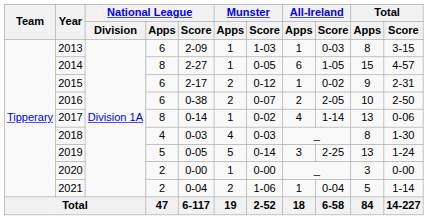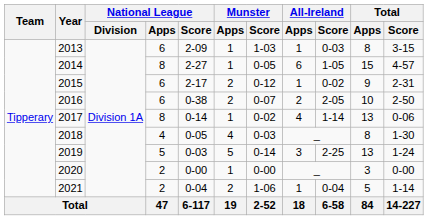 <table class="wikitable" style="text-align:center">
 <tr>
 <th rowspan="2">Team</th>
 <th rowspan="2">Year</th>
 <th colspan="3"><a href='#'>National League</a></th>
 <th colspan="2"><a href='#'>Munster</a></th>
 <th colspan="2"><a href='#'>All-Ireland</a></th>
 <th colspan="2">Total</th>
 </tr>
 <tr>
 <th>Division</th>
 <th>Apps</th>
 <th>Score</th>
 <th>Apps</th>
 <th>Score</th>
 <th>Apps</th>
 <th>Score</th>
 <th>Apps</th>
 <th>Score</th>
 </tr>
 <tr>
 <td rowspan="9"><a href='#'>Tipperary</a></td>
 <td>2013</td>
 <td rowspan="9"><a href='#'>Division 1A</a></td>
 <td>6</td>
 <td>2-09</td>
 <td>1</td>
 <td>1-03</td>
 <td>1</td>
 <td>0-03</td>
 <td>8</td>
 <td>3-15</td>
 </tr>
 <tr>
 <td>2014</td>
 <td>8</td>
 <td>2-27</td>
 <td>1</td>
 <td>0-05</td>
 <td>6</td>
 <td>1-05</td>
 <td>15</td>
 <td>4-57</td>
 </tr>
 <tr>
 <td>2015</td>
 <td>6</td>
 <td>2-17</td>
 <td>2</td>
 <td>0-12</td>
 <td>1</td>
 <td>0-02</td>
 <td>9</td>
 <td>2-31</td>
 </tr>
 <tr>
 <td>2016</td>
 <td>6</td>
 <td>0-38</td>
 <td>2</td>
 <td>0-07</td>
 <td>2</td>
 <td>2-05</td>
 <td>10</td>
 <td>2-50</td>
 </tr>
 <tr>
 <td>2017</td>
 <td>8</td>
 <td>0-14</td>
 <td>1</td>
 <td>0-02</td>
 <td>4</td>
 <td>1-14</td>
 <td>13</td>
 <td>0-06</td>
 </tr>
 <tr>
 <td>2018</td>
 <td>4</td>
-<td>0-03</td>
+<td>0-05</td>
 <td>4</td>
 <td>0-03</td>
 <td colspan=2>_</td>
 <td>8</td>
 <td>1-30</td>
 </tr>
 <tr>
 <td>2019</td>
 <td>5</td>
-<td>0-05</td>
+<td>0-03</td>
 <td>5</td>
 <td>0-14</td>
 <td>3</td>
 <td>2-25</td>
 <td>13</td>
 <td>1-24</td>
 </tr>
 <tr>
 <td>2020</td>
 <td>2</td>
 <td>0-00</td>
 <td>1</td>
 <td>0-00</td>
 <td colspan="2">_</td>
 <td>3</td>
 <td>0-00</td>
 </tr>
 <tr>
 <td>2021</td>
 <td>2</td>
 <td>0-04</td>
 <td>2</td>
 <td>1-06</td>
 <td>1</td>
 <td>0-04</td>
 <td>5</td>
 <td>1-14</td>
 </tr>
 <tr>
 <th colspan="3">Total</th>
 <th>47</th>
 <th>6-117</th>
 <th>19</th>
 <th>2-52</th>
 <th>18</th>
 <th>6-58</th>
 <th>84</th>
 <th>14-227</th>
 </tr>
 </table>
